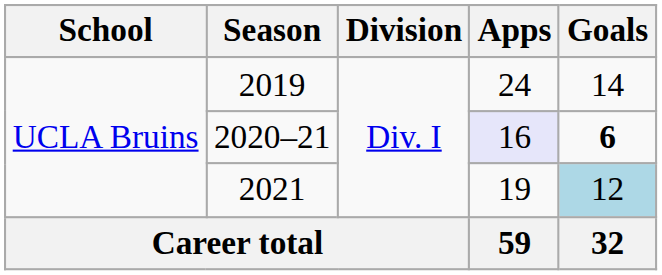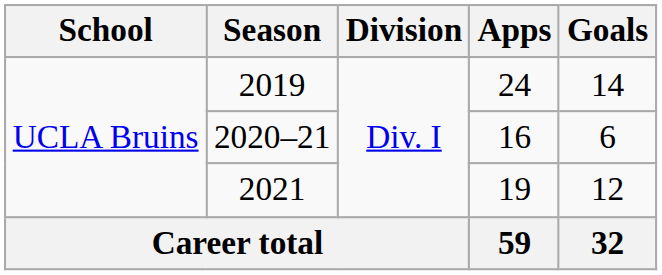 <table class="wikitable" style="text-align: center;">
 <tr>
 <th>School</th>
 <th>Season</th>
 <th>Division</th>
 <th>Apps</th>
 <th>Goals</th>
 </tr>
 <tr>
 <td rowspan="3"><a href='#'>UCLA Bruins</a></td>
 <td>2019</td>
 <td rowspan="3"><a href='#'>Div. I</a></td>
 <td>24</td>
 <td>14</td>
 </tr>
 <tr>
 <td>2020–21</td>
-<td style="background: lavender;">16</td>
-<td><strong>6</strong></td>
+<td>16</td>
+<td>6</td>
 </tr>
 <tr>
 <td>2021</td>
 <td>19</td>
-<td style="background: lightblue;">12</td>
+<td>12</td>
 </tr>
 <tr>
 <th colspan="3">Career total</th>
 <th>59</th>
 <th>32</th>
 </tr>
 </table>
